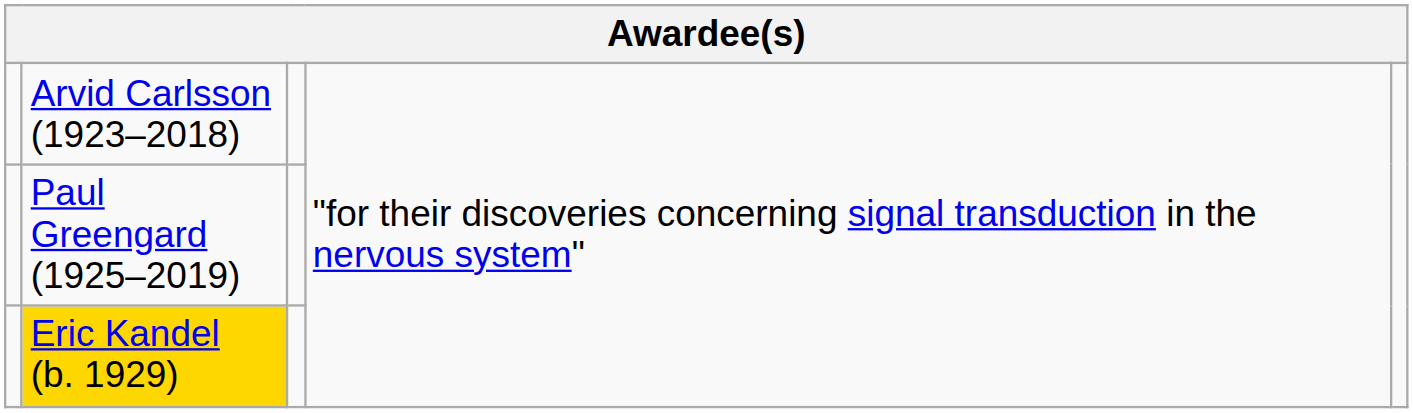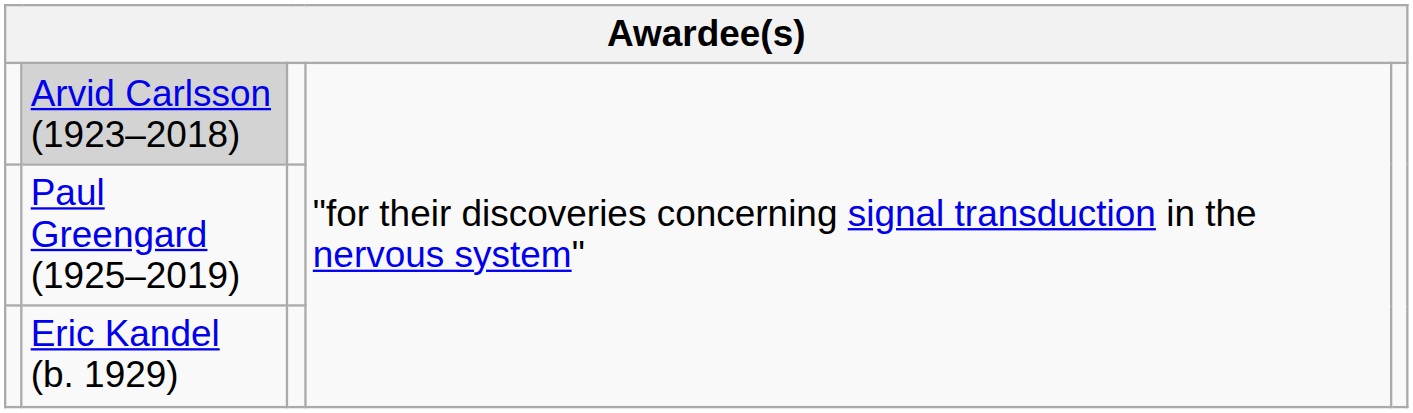 <table class="wikitable">
 <tr>
 <th colspan="5">Awardee(s)</th>
 </tr>
 <tr>
 <td></td>
-<td><a href='#'>Arvid Carlsson</a><br>(1923–2018)</td>
+<td style="background: lightgrey;"><a href='#'>Arvid Carlsson</a><br>(1923–2018)</td>
 <td></td>
 <td rowspan="3">"for their discoveries concerning <a href='#'>signal transduction</a> in the <a href='#'>nervous system</a>"</td>
 <td rowspan="3"></td>
 </tr>
 <tr>
 <td></td>
 <td><a href='#'>Paul Greengard</a><br>(1925–2019)</td>
 <td></td>
 </tr>
 <tr>
 <td></td>
-<td style="background: gold;"><a href='#'>Eric Kandel</a><br>(b. 1929)</td>
+<td><a href='#'>Eric Kandel</a><br>(b. 1929)</td>
 <td><br></td>
 </tr>
 </table>
